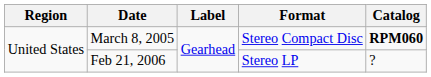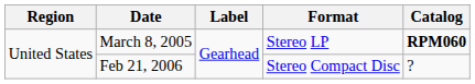 <table class="wikitable">
 <tr>
 <th>Region</th>
 <th>Date</th>
 <th>Label</th>
 <th>Format</th>
 <th>Catalog</th>
 </tr>
 <tr>
 <td rowspan="2">United States</td>
 <td>March 8, 2005</td>
 <td rowspan="2"><a href='#'>Gearhead</a></td>
-<td><a href='#'>Stereo</a> <a href='#'>Compact Disc</a></td>
+<td><a href='#'>Stereo</a> <a href='#'>LP</a></td>
 <td><strong>RPM060</strong></td>
 </tr>
 <tr>
 <td>Feb 21, 2006</td>
-<td><a href='#'>Stereo</a> <a href='#'>LP</a></td>
+<td><a href='#'>Stereo</a> <a href='#'>Compact Disc</a></td>
 <td>?</td>
 </tr>
 </table>
